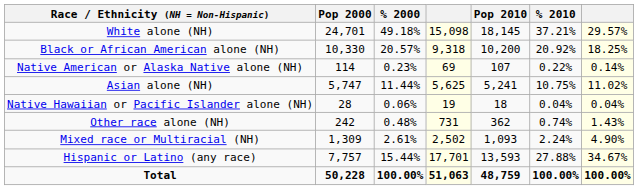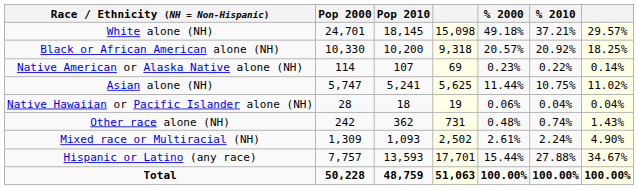 <table class="wikitable" style="text-align:center;">
 <tr>
 <th>Race / Ethnicity <small>(<em>NH = Non-Hispanic</em>)</small></th>
 <th>Pop 2000</th>
+<th>Pop 2010</th>
+<th></th>
 <th>% 2000</th>
-<th></th>
-<th>Pop 2010</th>
 <th>% 2010</th>
 <th></th>
 </tr>
 <tr>
 <td><a href='#'>White</a> alone (NH)</td>
 <td>24,701</td>
+<td>18,145</td>
+<td style='background: #ffffe6;'>15,098</td>
 <td>49.18%</td>
-<td style='background: #ffffe6;'>15,098</td>
-<td>18,145</td>
 <td>37.21%</td>
 <td style='background: #ffffe6;'>29.57%</td>
 </tr>
 <tr>
 <td><a href='#'>Black or African American</a> alone (NH)</td>
 <td>10,330</td>
+<td>10,200</td>
+<td style='background: #ffffe6;'>9,318</td>
 <td>20.57%</td>
-<td style='background: #ffffe6;'>9,318</td>
-<td>10,200</td>
 <td>20.92%</td>
 <td style='background: #ffffe6;'>18.25%</td>
 </tr>
 <tr>
 <td><a href='#'>Native American</a> or <a href='#'>Alaska Native</a> alone (NH)</td>
 <td>114</td>
+<td>107</td>
+<td style='background: #ffffe6;'>69</td>
 <td>0.23%</td>
-<td style='background: #ffffe6;'>69</td>
-<td>107</td>
 <td>0.22%</td>
 <td style='background: #ffffe6;'>0.14%</td>
 </tr>
 <tr>
 <td><a href='#'>Asian</a> alone (NH)</td>
 <td>5,747</td>
+<td>5,241</td>
+<td style='background: #ffffe6;'>5,625</td>
 <td>11.44%</td>
-<td style='background: #ffffe6;'>5,625</td>
-<td>5,241</td>
 <td>10.75%</td>
 <td style='background: #ffffe6;'>11.02%</td>
 </tr>
 <tr>
 <td><a href='#'>Native Hawaiian</a> or <a href='#'>Pacific Islander</a> alone (NH)</td>
 <td>28</td>
+<td>18</td>
+<td style='background: #ffffe6;'>19</td>
 <td>0.06%</td>
-<td style='background: #ffffe6;'>19</td>
-<td>18</td>
 <td>0.04%</td>
 <td style='background: #ffffe6;'>0.04%</td>
 </tr>
 <tr>
 <td><a href='#'>Other race</a> alone (NH)</td>
 <td>242</td>
+<td>362</td>
+<td style='background: #ffffe6;'>731</td>
 <td>0.48%</td>
-<td style='background: #ffffe6;'>731</td>
-<td>362</td>
 <td>0.74%</td>
 <td style='background: #ffffe6;'>1.43%</td>
 </tr>
 <tr>
 <td><a href='#'>Mixed race or Multiracial</a> (NH)</td>
 <td>1,309</td>
+<td>1,093</td>
+<td style='background: #ffffe6;'>2,502</td>
 <td>2.61%</td>
-<td style='background: #ffffe6;'>2,502</td>
-<td>1,093</td>
 <td>2.24%</td>
 <td style='background: #ffffe6;'>4.90%</td>
 </tr>
 <tr>
 <td><a href='#'>Hispanic or Latino</a> (any race)</td>
 <td>7,757</td>
+<td>13,593</td>
+<td style='background: #ffffe6;'>17,701</td>
 <td>15.44%</td>
-<td style='background: #ffffe6;'>17,701</td>
-<td>13,593</td>
 <td>27.88%</td>
 <td style='background: #ffffe6;'>34.67%</td>
 </tr>
 <tr>
 <td><strong>Total</strong></td>
 <td><strong>50,228</strong></td>
+<td><strong>48,759</strong></td>
+<td style='background: #ffffe6;'><strong>51,063</strong></td>
 <td><strong>100.00%</strong></td>
-<td style='background: #ffffe6;'><strong>51,063</strong></td>
-<td><strong>48,759</strong></td>
 <td><strong>100.00%</strong></td>
 <td style='background: #ffffe6;'><strong>100.00%</strong></td>
 </tr>
 </table>
